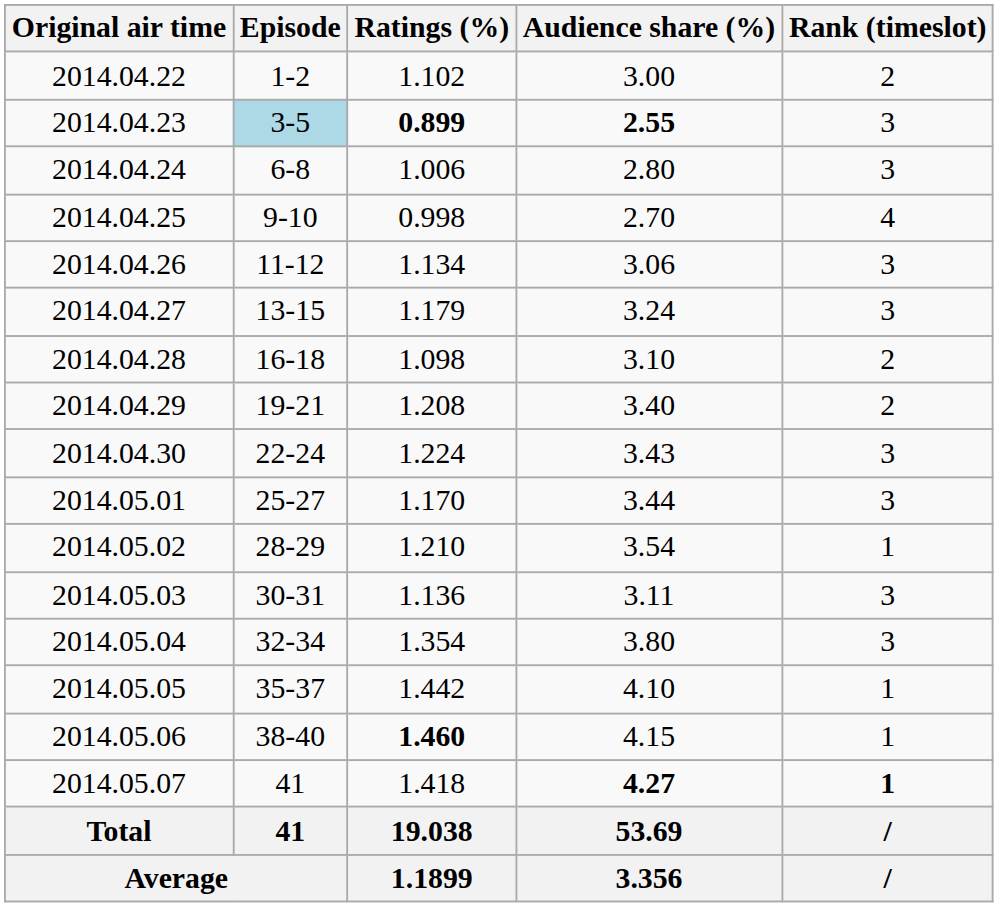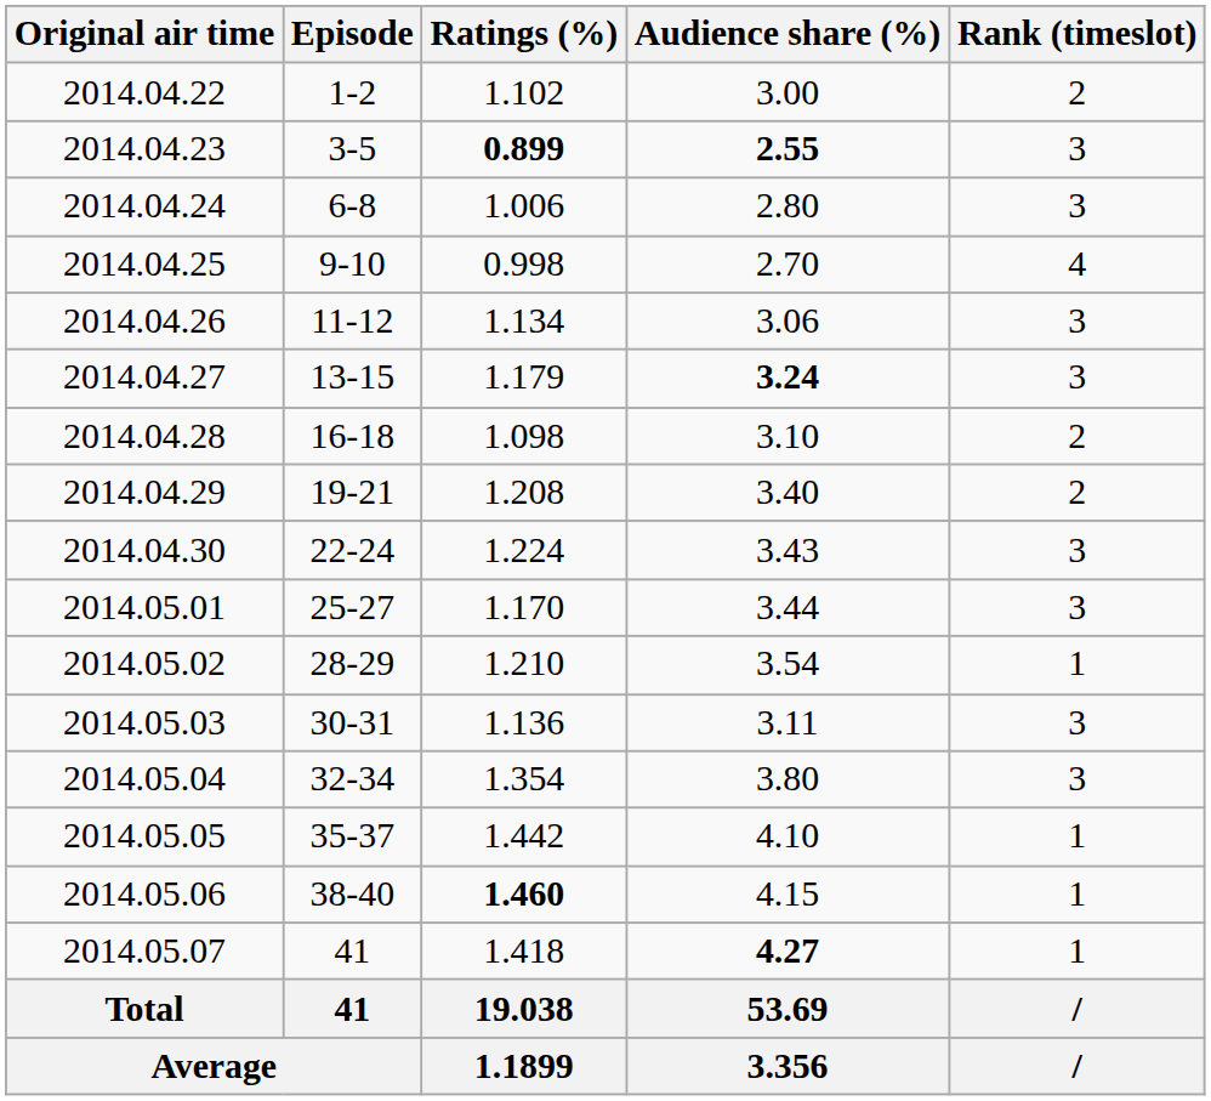 <table class="wikitable sortable mw-collapsible jquery-tablesorter" style="text-align:center">
 <tr>
 <th>Original air time</th>
 <th>Episode</th>
 <th>Ratings (%)</th>
 <th>Audience share (%)</th>
 <th>Rank (timeslot)</th>
 </tr>
 <tr>
 <td>2014.04.22</td>
 <td>1-2</td>
 <td>1.102</td>
 <td>3.00</td>
 <td>2</td>
 </tr>
 <tr>
 <td>2014.04.23</td>
-<td style="background: lightblue;">3-5</td>
+<td>3-5</td>
 <td><strong><span>0.899</span></strong></td>
 <td><strong><span>2.55</span></strong></td>
 <td>3</td>
 </tr>
 <tr>
 <td>2014.04.24</td>
 <td>6-8</td>
 <td>1.006</td>
 <td>2.80</td>
 <td>3</td>
 </tr>
 <tr>
 <td>2014.04.25</td>
 <td>9-10</td>
 <td>0.998</td>
 <td>2.70</td>
 <td>4</td>
 </tr>
 <tr>
 <td>2014.04.26</td>
 <td>11-12</td>
 <td>1.134</td>
 <td>3.06</td>
 <td>3</td>
 </tr>
 <tr>
 <td>2014.04.27</td>
 <td>13-15</td>
 <td>1.179</td>
-<td>3.24</td>
+<td><strong>3.24</strong></td>
 <td>3</td>
 </tr>
 <tr>
 <td>2014.04.28</td>
 <td>16-18</td>
 <td>1.098</td>
 <td>3.10</td>
 <td>2</td>
 </tr>
 <tr>
 <td>2014.04.29</td>
 <td>19-21</td>
 <td>1.208</td>
 <td>3.40</td>
 <td>2</td>
 </tr>
 <tr>
 <td>2014.04.30</td>
 <td>22-24</td>
 <td>1.224</td>
 <td>3.43</td>
 <td>3</td>
 </tr>
 <tr>
 <td>2014.05.01</td>
 <td>25-27</td>
 <td>1.170</td>
 <td>3.44</td>
 <td>3</td>
 </tr>
 <tr>
 <td>2014.05.02</td>
 <td>28-29</td>
 <td>1.210</td>
 <td>3.54</td>
 <td>1</td>
 </tr>
 <tr>
 <td>2014.05.03</td>
 <td>30-31</td>
 <td>1.136</td>
 <td>3.11</td>
 <td>3</td>
 </tr>
 <tr>
 <td>2014.05.04</td>
 <td>32-34</td>
 <td>1.354</td>
 <td>3.80</td>
 <td>3</td>
 </tr>
 <tr>
 <td>2014.05.05</td>
 <td>35-37</td>
 <td>1.442</td>
 <td>4.10</td>
 <td>1</td>
 </tr>
 <tr>
 <td>2014.05.06</td>
 <td>38-40</td>
 <td><strong><span>1.460</span></strong></td>
 <td>4.15</td>
 <td>1</td>
 </tr>
 <tr>
 <td>2014.05.07</td>
 <td>41</td>
 <td>1.418</td>
 <td><strong><span>4.27</span></strong></td>
-<td><strong>1</strong></td>
+<td>1</td>
 </tr>
 <tr>
 <th>Total</th>
 <th>41</th>
 <th>19.038</th>
 <th>53.69</th>
 <th>/</th>
 </tr>
 <tr>
 <th colspan="2">Average</th>
 <th>1.1899</th>
 <th>3.356</th>
 <th>/</th>
 </tr>
 </table>
